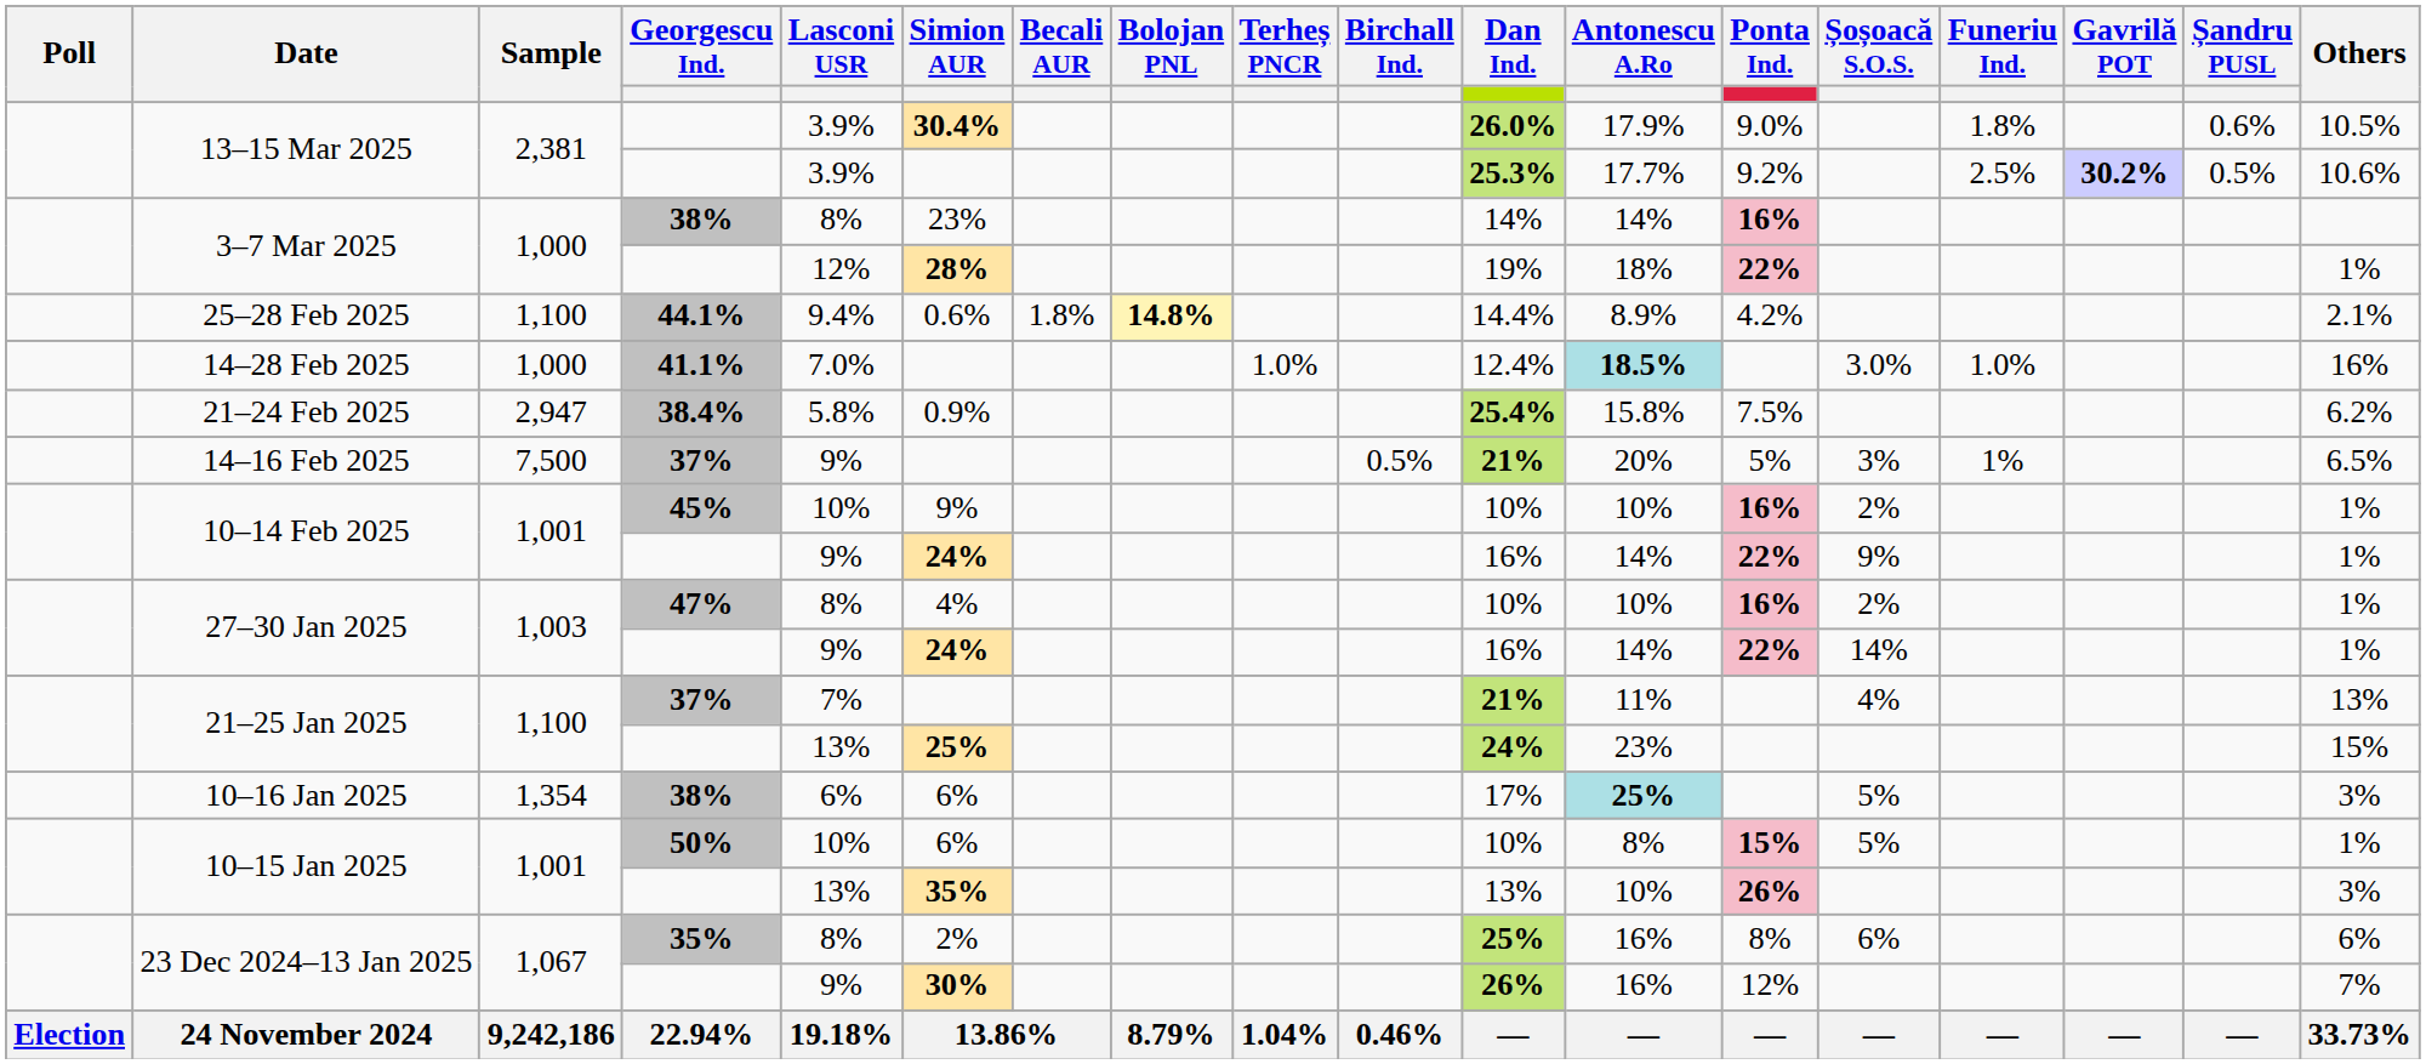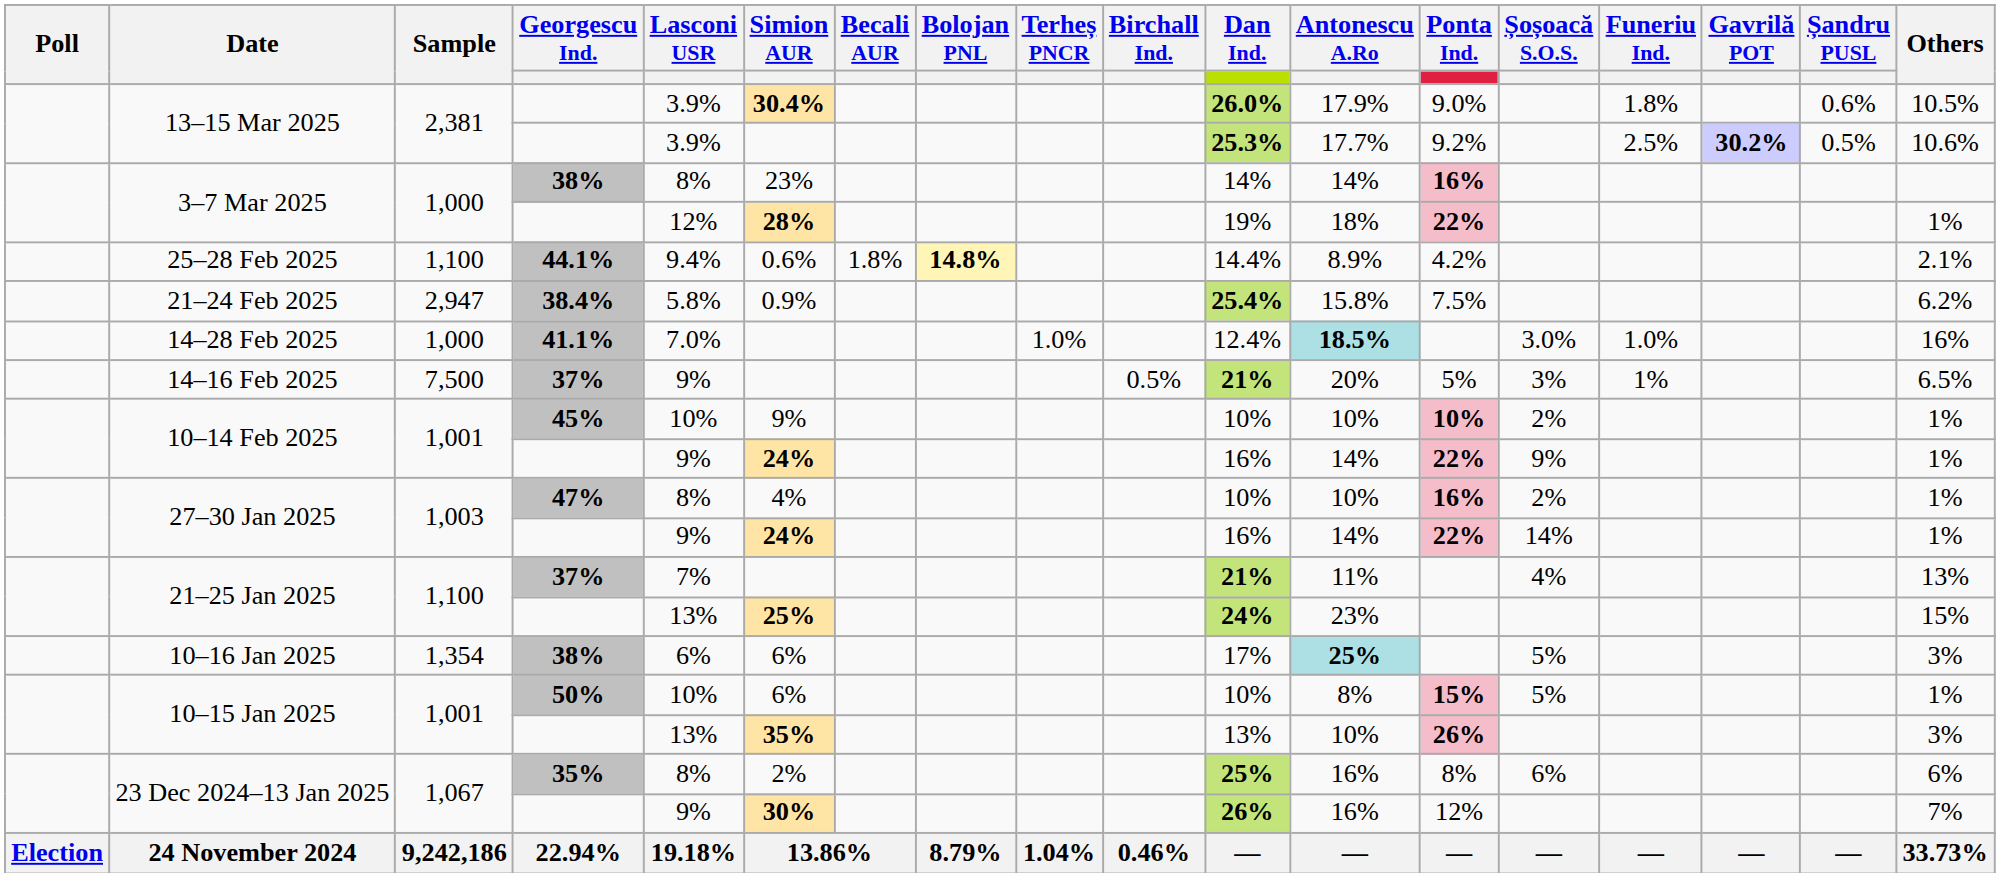 <table class="wikitable" style="text-align:center;font-size:85%;line-height:14px;">
 <tr>
 <th rowspan="2">Poll</th>
 <th rowspan="2">Date</th>
 <th rowspan="2" style="width:35px;">Sample</th>
 <th class="unsortable" style="width:20px;"><a href='#'>Georgescu</a><br><small><a href='#'>Ind.</a></small></th>
 <th class="unsortable" style="width:20px;"><a href='#'>Lasconi</a><br><small><a href='#'>USR</a></small></th>
 <th class="unsortable" style="width:20px;"><a href='#'>Simion</a><br><small><a href='#'>AUR</a></small></th>
 <th class="unsortable" style="width:20px;"><a href='#'>Becali</a><br><small><a href='#'>AUR</a></small></th>
 <th class="unsortable" style="width:20px;"><a href='#'>Bolojan</a><br><small><a href='#'>PNL</a></small></th>
 <th class="unsortable" style="width:20px;"><a href='#'>Terheș</a><br><small><a href='#'>PNCR</a></small></th>
 <th class="unsortable" style="width:20px;"><a href='#'>Birchall</a><br><small><a href='#'>Ind.</a></small></th>
 <th class="unsortable" style="width:20px;"><a href='#'>Dan</a><br><small><a href='#'>Ind.</a></small></th>
 <th class="unsortable" style="width:20px;"><a href='#'>Antonescu</a><br><small><a href='#'>A.Ro</a></small></th>
 <th class="unsortable" style="width:20px;"><a href='#'>Ponta</a><br><small><a href='#'>Ind.</a></small></th>
 <th class="unsortable" style="width:20px;"><a href='#'>Șoșoacă</a><br><small><a href='#'>S.O.S.</a></small></th>
 <th class="unsortable" style="width:20px;"><a href='#'>Funeriu</a><br><small><a href='#'>Ind.</a></small></th>
 <th class="unsortable" style="width:20px;"><a href='#'>Gavrilă</a><br><small><a href='#'>POT</a></small></th>
 <th class="unsortable" style="width:20px;"><a href='#'>Șandru</a><br><small><a href='#'>PUSL</a></small></th>
 <th rowspan="2" class="unsortable" style="width:20px;">Others</th>
 </tr>
 <tr>
 <th style="background:"></th>
 <th style="background:"></th>
 <th style="background:"></th>
 <th style="background:"></th>
 <th style="background:"></th>
 <th style="background:"></th>
 <th style="background:"></th>
 <th style="background:#BAE002; "></th>
 <th style="background:"></th>
 <th style="background:#E02043; "></th>
 <th style="background:"></th>
 <th style="background:"></th>
 <th style="background:"></th>
 <th style="background:"></th>
 </tr>
 <tr>
 <td rowspan="2"></td>
 <td rowspan="2">13–15 Mar 2025</td>
 <td rowspan="2">2,381</td>
 <td></td>
 <td>3.9%</td>
 <td style="background:#ffe5a5;"><strong>30.4%</strong></td>
 <td></td>
 <td></td>
 <td></td>
 <td></td>
 <td style="background:#C2E47B;"><strong>26.0%</strong></td>
 <td>17.9%</td>
 <td>9.0%</td>
 <td></td>
 <td>1.8%</td>
 <td></td>
 <td>0.6%</td>
 <td>10.5%</td>
 </tr>
 <tr>
 <td></td>
 <td>3.9%</td>
 <td></td>
 <td></td>
 <td></td>
 <td></td>
 <td></td>
 <td style="background:#C2E47B;"><strong>25.3%</strong></td>
 <td>17.7%</td>
 <td>9.2%</td>
 <td></td>
 <td>2.5%</td>
 <td style="background:#ccccff;"><strong>30.2%</strong></td>
 <td>0.5%</td>
 <td>10.6%</td>
 </tr>
 <tr>
 <td rowspan="2"></td>
 <td rowspan="2">3–7 Mar 2025</td>
 <td rowspan="2">1,000</td>
 <td style="background:#c0c0c0;"><strong>38%</strong></td>
 <td>8%</td>
 <td>23%</td>
 <td></td>
 <td></td>
 <td></td>
 <td></td>
 <td>14%</td>
 <td>14%</td>
 <td style="background:#f5bcca;"><strong>16%</strong></td>
 <td></td>
 <td></td>
 <td></td>
 <td></td>
 <td></td>
 </tr>
 <tr>
 <td></td>
 <td>12%</td>
 <td style="background:#ffe5a5;"><strong>28%</strong></td>
 <td></td>
 <td></td>
 <td></td>
 <td></td>
 <td>19%</td>
 <td>18%</td>
 <td style="background:#f5bcca;"><strong>22%</strong></td>
 <td></td>
 <td></td>
 <td></td>
 <td></td>
 <td>1%</td>
 </tr>
 <tr>
 <td></td>
 <td>25–28 Feb 2025</td>
 <td>1,100</td>
 <td style="background:#c0c0c0;"><strong>44.1%</strong></td>
 <td>9.4%</td>
 <td>0.6%</td>
 <td>1.8%</td>
 <td style="background:#fff5b6;"><strong>14.8%</strong></td>
 <td></td>
 <td></td>
 <td>14.4%</td>
 <td>8.9%</td>
 <td>4.2%</td>
 <td></td>
 <td></td>
 <td></td>
 <td></td>
 <td>2.1%</td>
 </tr>
 <tr>
 <td></td>
+<td>21–24 Feb 2025</td>
+<td>2,947</td>
+<td style="background:#c0c0c0;"><strong>38.4%</strong></td>
+<td>5.8%</td>
+<td>0.9%</td>
+<td></td>
+<td></td>
+<td></td>
+<td></td>
+<td style="background:#C2E47B;"><strong>25.4%</strong></td>
+<td>15.8%</td>
+<td>7.5%</td>
+<td></td>
+<td></td>
+<td></td>
+<td></td>
+<td>6.2%</td>
+</tr>
+<tr>
+<td></td>
 <td>14–28 Feb 2025</td>
 <td>1,000</td>
 <td style="background:#c0c0c0;"><strong>41.1%</strong></td>
 <td>7.0%</td>
 <td></td>
 <td></td>
 <td></td>
 <td>1.0%</td>
 <td></td>
 <td>12.4%</td>
 <td bgcolor="#ACE0E5"><strong>18.5%</strong></td>
 <td></td>
 <td>3.0%</td>
 <td>1.0%</td>
 <td></td>
 <td></td>
 <td>16%</td>
-</tr>
-<tr>
-<td></td>
-<td>21–24 Feb 2025</td>
-<td>2,947</td>
-<td style="background:#c0c0c0;"><strong>38.4%</strong></td>
-<td>5.8%</td>
-<td>0.9%</td>
-<td></td>
-<td></td>
-<td></td>
-<td></td>
-<td style="background:#C2E47B;"><strong>25.4%</strong></td>
-<td>15.8%</td>
-<td>7.5%</td>
-<td></td>
-<td></td>
-<td></td>
-<td></td>
-<td>6.2%</td>
 </tr>
 <tr>
 <td></td>
 <td>14–16 Feb 2025</td>
 <td>7,500</td>
 <td style="background:#c0c0c0;"><strong>37%</strong></td>
 <td>9%</td>
 <td></td>
 <td></td>
 <td></td>
 <td></td>
 <td>0.5%</td>
 <td style="background:#C2E47B;"><strong>21%</strong></td>
 <td>20%</td>
 <td>5%</td>
 <td>3%</td>
 <td>1%</td>
 <td></td>
 <td></td>
 <td>6.5%</td>
 </tr>
 <tr>
 <td rowspan="2"></td>
 <td rowspan="2">10–14 Feb 2025</td>
 <td rowspan="2">1,001</td>
 <td style="background:#c0c0c0;"><strong>45%</strong></td>
 <td>10%</td>
 <td>9%</td>
 <td></td>
 <td></td>
 <td></td>
 <td></td>
 <td>10%</td>
 <td>10%</td>
-<td style="background:#f5bcca;"><strong>16%</strong></td>
+<td style="background:#f5bcca;"><strong>10%</strong></td>
 <td>2%</td>
 <td></td>
 <td></td>
 <td></td>
 <td>1%</td>
 </tr>
 <tr>
 <td></td>
 <td>9%</td>
 <td style="background:#ffe5a5;"><strong>24%</strong></td>
 <td></td>
 <td></td>
 <td></td>
 <td></td>
 <td>16%</td>
 <td>14%</td>
 <td style="background:#f5bcca;"><strong>22%</strong></td>
 <td>9%</td>
 <td></td>
 <td></td>
 <td></td>
 <td>1%</td>
 </tr>
 <tr>
 <td rowspan="2"></td>
 <td rowspan="2">27–30 Jan 2025</td>
 <td rowspan="2">1,003</td>
 <td style="background:#c0c0c0;"><strong>47%</strong></td>
 <td>8%</td>
 <td>4%</td>
 <td></td>
 <td></td>
 <td></td>
 <td></td>
 <td>10%</td>
 <td>10%</td>
 <td style="background:#f5bcca;"><strong>16%</strong></td>
 <td>2%</td>
 <td></td>
 <td></td>
 <td></td>
 <td>1%</td>
 </tr>
 <tr>
 <td></td>
 <td>9%</td>
 <td style="background:#ffe5a5;"><strong>24%</strong></td>
 <td></td>
 <td></td>
 <td></td>
 <td></td>
 <td>16%</td>
 <td>14%</td>
 <td style="background:#f5bcca;"><strong>22%</strong></td>
 <td>14%</td>
 <td></td>
 <td></td>
 <td></td>
 <td>1%</td>
 </tr>
 <tr>
 <td rowspan="2"></td>
 <td rowspan="2">21–25 Jan 2025</td>
 <td rowspan="2">1,100</td>
 <td style="background:#c0c0c0;"><strong>37%</strong></td>
 <td>7%</td>
 <td></td>
 <td></td>
 <td></td>
 <td></td>
 <td></td>
 <td style="background:#C2E47B;"><strong>21%</strong></td>
 <td>11%</td>
 <td></td>
 <td>4%</td>
 <td></td>
 <td></td>
 <td></td>
 <td>13%</td>
 </tr>
 <tr>
 <td></td>
 <td>13%</td>
 <td style="background:#ffe5a5;"><strong>25%</strong></td>
 <td></td>
 <td></td>
 <td></td>
 <td></td>
 <td style="background:#C2E47B;"><strong>24%</strong></td>
 <td>23%</td>
 <td></td>
 <td></td>
 <td></td>
 <td></td>
 <td></td>
 <td>15%</td>
 </tr>
 <tr>
 <td></td>
 <td>10–16 Jan 2025</td>
 <td>1,354</td>
 <td style="background:#c0c0c0;"><strong>38%</strong></td>
 <td>6%</td>
 <td>6%</td>
 <td></td>
 <td></td>
 <td></td>
 <td></td>
 <td>17%</td>
 <td bgcolor="#ACE0E5"><strong>25%</strong></td>
 <td></td>
 <td>5%</td>
 <td></td>
 <td></td>
 <td></td>
 <td>3%</td>
 </tr>
 <tr>
 <td rowspan="2"></td>
 <td rowspan="2">10–15 Jan 2025</td>
 <td rowspan="2">1,001</td>
 <td style="background:#c0c0c0;"><strong>50%</strong></td>
 <td>10%</td>
 <td>6%</td>
 <td></td>
 <td></td>
 <td></td>
 <td></td>
 <td>10%</td>
 <td>8%</td>
 <td style="background:#f5bcca;"><strong>15%</strong></td>
 <td>5%</td>
 <td></td>
 <td></td>
 <td></td>
 <td>1%</td>
 </tr>
 <tr>
 <td></td>
 <td>13%</td>
 <td style="background:#ffe5a5;"><strong>35%</strong></td>
 <td></td>
 <td></td>
 <td></td>
 <td></td>
 <td>13%</td>
 <td>10%</td>
 <td style="background:#f5bcca;"><strong>26%</strong></td>
 <td></td>
 <td></td>
 <td></td>
 <td></td>
 <td>3%</td>
 </tr>
 <tr>
 <td rowspan="2"></td>
 <td rowspan="2">23 Dec 2024–13 Jan 2025</td>
 <td rowspan="2">1,067</td>
 <td style="background:#c0c0c0;"><strong>35%</strong></td>
 <td>8%</td>
 <td>2%</td>
 <td></td>
 <td></td>
 <td></td>
 <td></td>
 <td style="background:#C2E47B;"><strong>25%</strong></td>
 <td>16%</td>
 <td>8%</td>
 <td>6%</td>
 <td></td>
 <td></td>
 <td></td>
 <td>6%</td>
 </tr>
 <tr>
 <td></td>
 <td>9%</td>
 <td style="background:#ffe5a5;"><strong>30%</strong></td>
 <td></td>
 <td></td>
 <td></td>
 <td></td>
 <td style="background:#C2E47B;"><strong>26%</strong></td>
 <td>16%</td>
 <td>12%</td>
 <td></td>
 <td></td>
 <td></td>
 <td></td>
 <td>7%</td>
 </tr>
 <tr>
 <th><a href='#'>Election</a></th>
 <th>24 November 2024</th>
 <th>9,242,186</th>
 <th>22.94%</th>
 <th>19.18%</th>
 <th colspan="2">13.86%</th>
 <th>8.79%</th>
 <th>1.04%</th>
 <th>0.46%</th>
 <th>—</th>
 <th>—</th>
 <th>—</th>
 <th>—</th>
 <th>—</th>
 <th>—</th>
 <th>—</th>
 <th>33.73%</th>
 </tr>
 </table>
